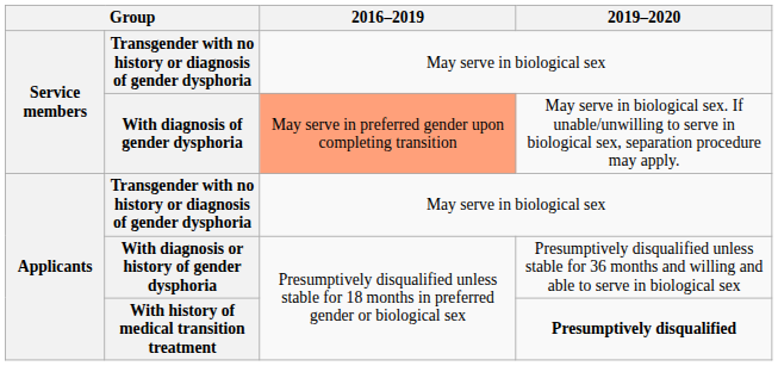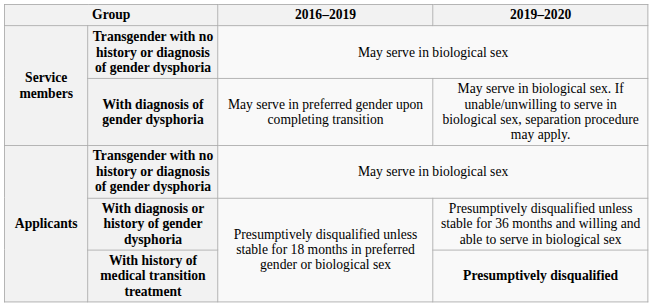 <table class="wikitable plainrowheaders"  style="text-align:center; width:60%;">
 <tr>
 <th style="width:15%;" colspan="2">Group</th>
 <th style="width:20%;">2016–2019</th>
 <th style="width:20%;">2019–2020</th>
 </tr>
 <tr>
 <th rowspan="2">Service members</th>
 <th scope="row">Transgender with no history or diagnosis of gender dysphoria</th>
 <td colspan="2">May serve in biological sex</td>
 </tr>
 <tr>
 <th scope="row">With diagnosis of gender dysphoria</th>
-<td style="background: lightsalmon;">May serve in preferred gender upon completing transition</td>
+<td>May serve in preferred gender upon completing transition</td>
 <td>May serve in biological sex. If unable/unwilling to serve in biological sex, separation procedure may apply.</td>
 </tr>
 <tr>
 <th rowspan="3">Applicants</th>
 <th scope="row">Transgender with no history or diagnosis of gender dysphoria</th>
 <td colspan="2">May serve in biological sex</td>
 </tr>
 <tr>
 <th scope="row">With diagnosis or history of gender dysphoria</th>
 <td rowspan="2">Presumptively disqualified unless stable for 18 months in preferred gender or biological sex</td>
 <td>Presumptively disqualified unless stable for 36 months and willing and able to serve in biological sex</td>
 </tr>
 <tr>
 <th scope="row">With history of medical transition treatment</th>
 <td><strong>Presumptively disqualified</strong></td>
 </tr>
 </table>
